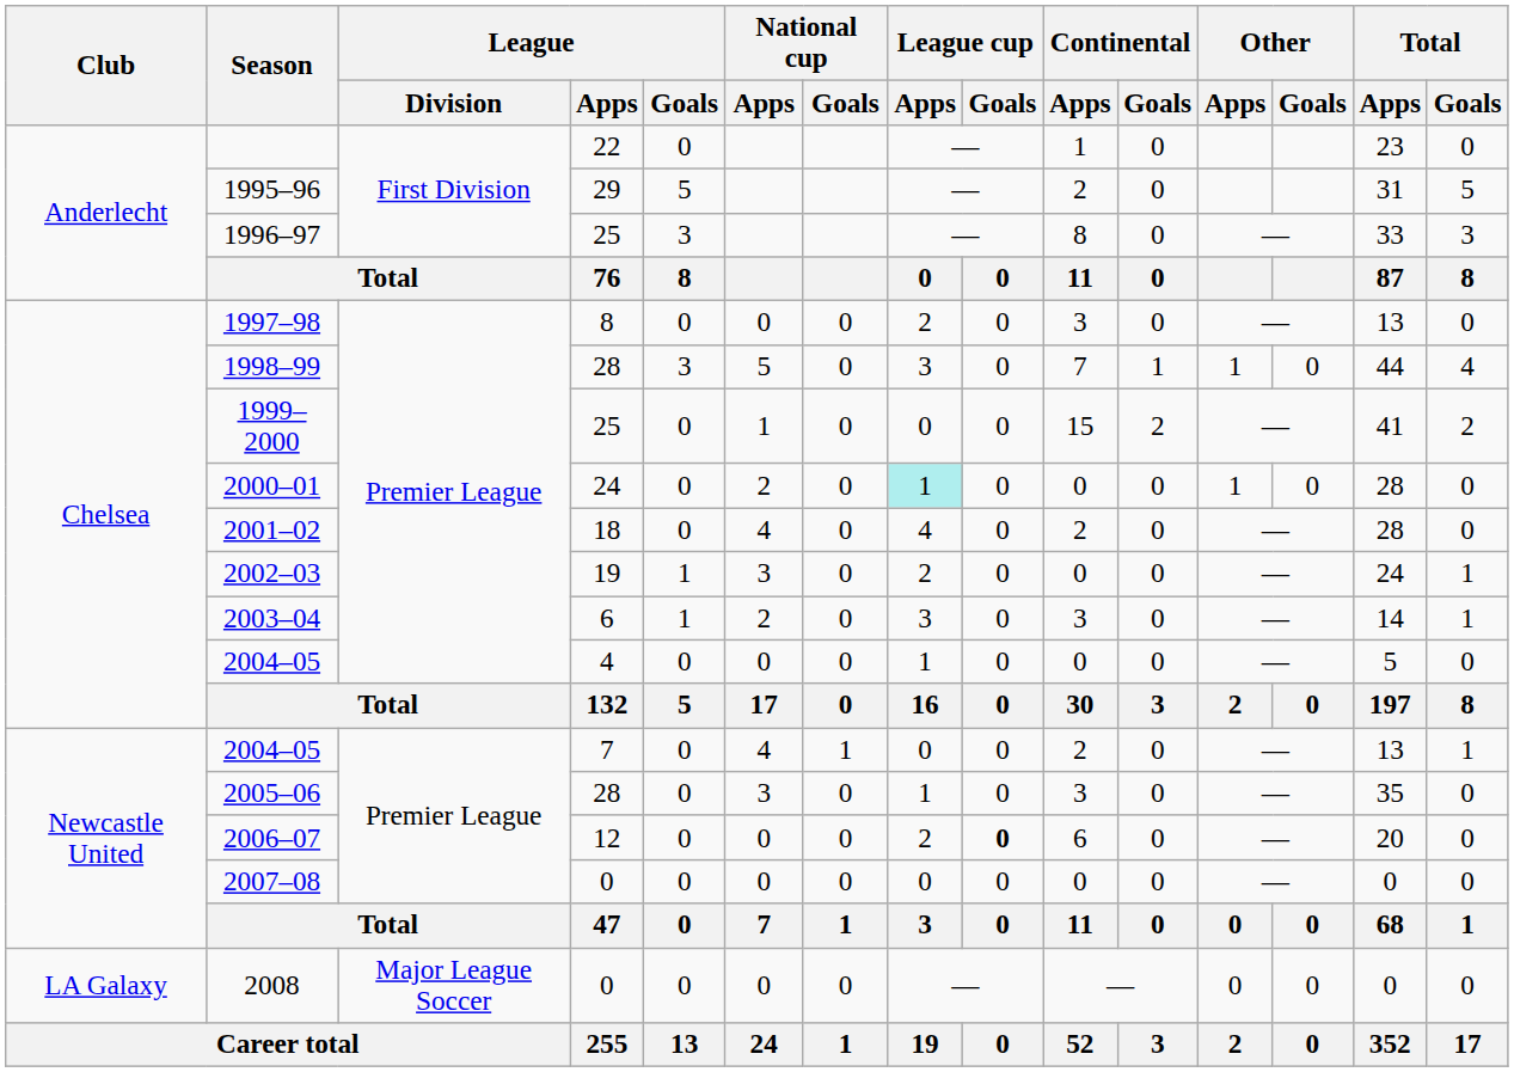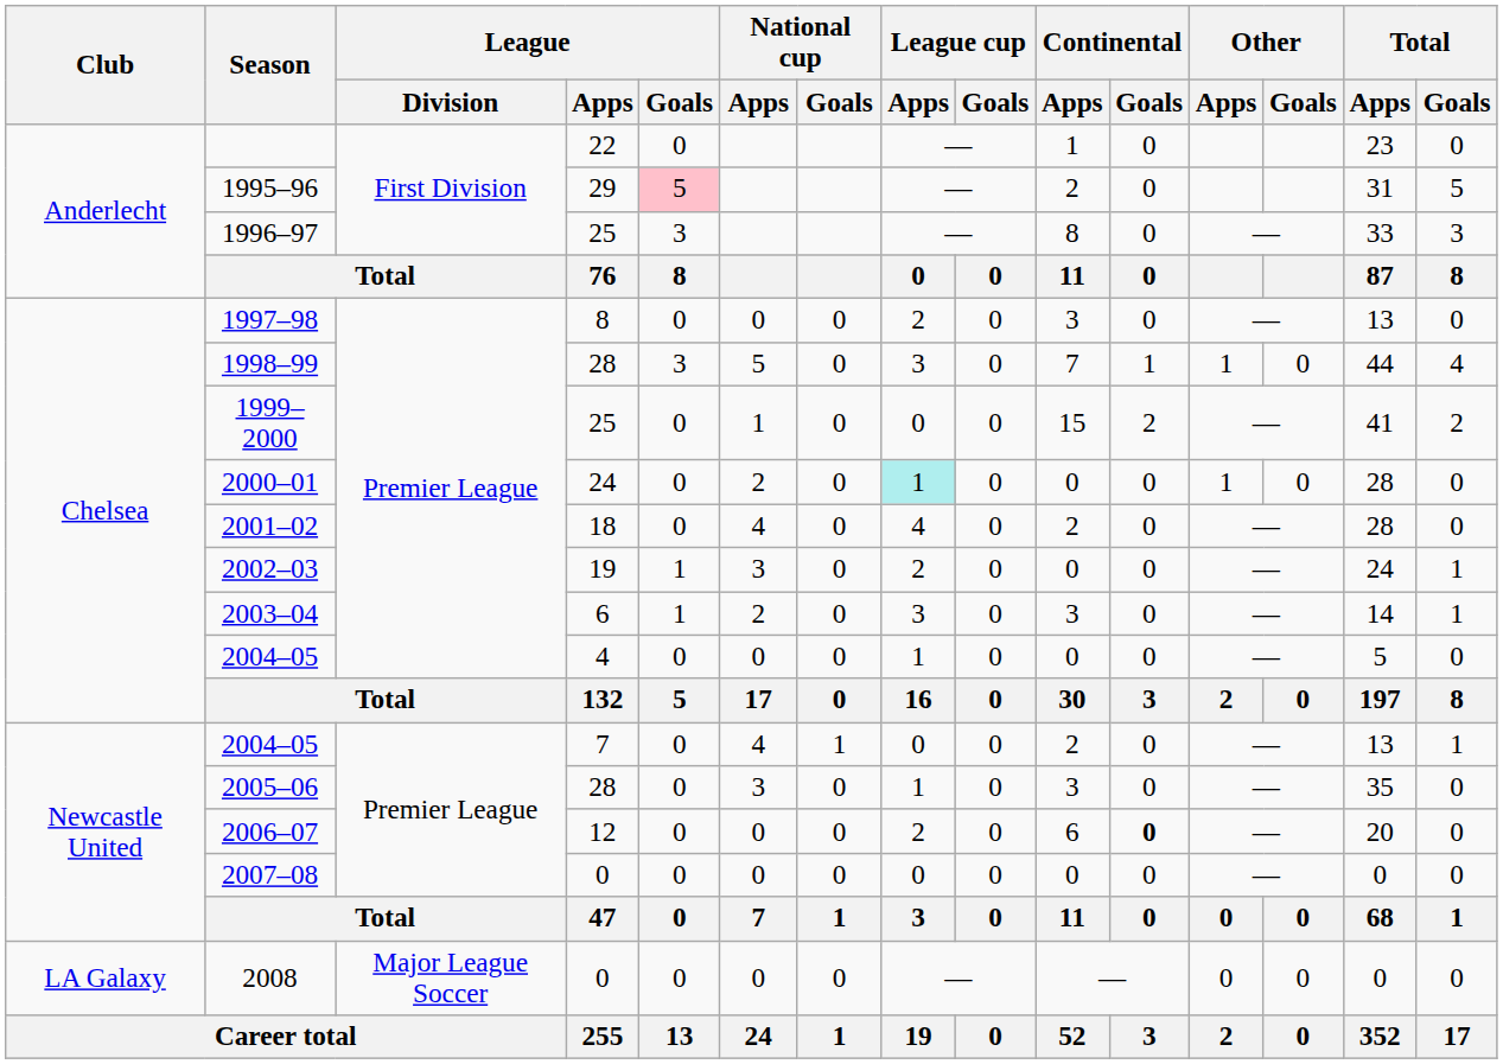 <table class="wikitable" style="text-align:center">
 <tr>
 <th rowspan="2">Club</th>
 <th rowspan="2">Season</th>
 <th colspan="3">League</th>
 <th colspan="2">National cup</th>
 <th colspan="2">League cup</th>
 <th colspan="2">Continental</th>
 <th colspan="2">Other</th>
 <th colspan="2">Total</th>
 </tr>
 <tr>
 <th>Division</th>
 <th>Apps</th>
 <th>Goals</th>
 <th>Apps</th>
 <th>Goals</th>
 <th>Apps</th>
 <th>Goals</th>
 <th>Apps</th>
 <th>Goals</th>
 <th>Apps</th>
 <th>Goals</th>
 <th>Apps</th>
 <th>Goals</th>
 </tr>
 <tr>
 <td rowspan="4"><a href='#'>Anderlecht</a></td>
 <td></td>
 <td rowspan="3"><a href='#'>First Division</a></td>
 <td>22</td>
 <td>0</td>
 <td></td>
 <td></td>
 <td colspan="2">—</td>
 <td>1</td>
 <td>0</td>
 <td></td>
 <td></td>
 <td>23</td>
 <td>0</td>
 </tr>
 <tr>
 <td>1995–96</td>
 <td>29</td>
-<td>5</td>
+<td style="background: pink;">5</td>
 <td></td>
 <td></td>
 <td colspan="2">—</td>
 <td>2</td>
 <td>0</td>
 <td></td>
 <td></td>
 <td>31</td>
 <td>5</td>
 </tr>
 <tr>
 <td>1996–97</td>
 <td>25</td>
 <td>3</td>
 <td></td>
 <td></td>
 <td colspan="2">—</td>
 <td>8</td>
 <td>0</td>
 <td colspan="2">—</td>
 <td>33</td>
 <td>3</td>
 </tr>
 <tr>
 <th colspan="2">Total</th>
 <th>76</th>
 <th>8</th>
 <th></th>
 <th></th>
 <th>0</th>
 <th>0</th>
 <th>11</th>
 <th>0</th>
 <th></th>
 <th></th>
 <th>87</th>
 <th>8</th>
 </tr>
 <tr>
 <td rowspan="9"><a href='#'>Chelsea</a></td>
 <td><a href='#'>1997–98</a></td>
 <td rowspan="8"><a href='#'>Premier League</a></td>
 <td>8</td>
 <td>0</td>
 <td>0</td>
 <td>0</td>
 <td>2</td>
 <td>0</td>
 <td>3</td>
 <td>0</td>
 <td colspan="2">—</td>
 <td>13</td>
 <td>0</td>
 </tr>
 <tr>
 <td><a href='#'>1998–99</a></td>
 <td>28</td>
 <td>3</td>
 <td>5</td>
 <td>0</td>
 <td>3</td>
 <td>0</td>
 <td>7</td>
 <td>1</td>
 <td>1</td>
 <td>0</td>
 <td>44</td>
 <td>4</td>
 </tr>
 <tr>
 <td><a href='#'>1999–2000</a></td>
 <td>25</td>
 <td>0</td>
 <td>1</td>
 <td>0</td>
 <td>0</td>
 <td>0</td>
 <td>15</td>
 <td>2</td>
 <td colspan="2">—</td>
 <td>41</td>
 <td>2</td>
 </tr>
 <tr>
 <td><a href='#'>2000–01</a></td>
 <td>24</td>
 <td>0</td>
 <td>2</td>
 <td>0</td>
 <td style="background: paleturquoise;">1</td>
 <td>0</td>
 <td>0</td>
 <td>0</td>
 <td>1</td>
 <td>0</td>
 <td>28</td>
 <td>0</td>
 </tr>
 <tr>
 <td><a href='#'>2001–02</a></td>
 <td>18</td>
 <td>0</td>
 <td>4</td>
 <td>0</td>
 <td>4</td>
 <td>0</td>
 <td>2</td>
 <td>0</td>
 <td colspan="2">—</td>
 <td>28</td>
 <td>0</td>
 </tr>
 <tr>
 <td><a href='#'>2002–03</a></td>
 <td>19</td>
 <td>1</td>
 <td>3</td>
 <td>0</td>
 <td>2</td>
 <td>0</td>
 <td>0</td>
 <td>0</td>
 <td colspan="2">—</td>
 <td>24</td>
 <td>1</td>
 </tr>
 <tr>
 <td><a href='#'>2003–04</a></td>
 <td>6</td>
 <td>1</td>
 <td>2</td>
 <td>0</td>
 <td>3</td>
 <td>0</td>
 <td>3</td>
 <td>0</td>
 <td colspan="2">—</td>
 <td>14</td>
 <td>1</td>
 </tr>
 <tr>
 <td><a href='#'>2004–05</a></td>
 <td>4</td>
 <td>0</td>
 <td>0</td>
 <td>0</td>
 <td>1</td>
 <td>0</td>
 <td>0</td>
 <td>0</td>
 <td colspan="2">—</td>
 <td>5</td>
 <td>0</td>
 </tr>
 <tr>
 <th colspan="2">Total</th>
 <th>132</th>
 <th>5</th>
 <th>17</th>
 <th>0</th>
 <th>16</th>
 <th>0</th>
 <th>30</th>
 <th>3</th>
 <th>2</th>
 <th>0</th>
 <th>197</th>
 <th>8</th>
 </tr>
 <tr>
 <td rowspan="5"><a href='#'>Newcastle United</a></td>
 <td><a href='#'>2004–05</a></td>
 <td rowspan="4">Premier League</td>
 <td>7</td>
 <td>0</td>
 <td>4</td>
 <td>1</td>
 <td>0</td>
 <td>0</td>
 <td>2</td>
 <td>0</td>
 <td colspan="2">—</td>
 <td>13</td>
 <td>1</td>
 </tr>
 <tr>
 <td><a href='#'>2005–06</a></td>
 <td>28</td>
 <td>0</td>
 <td>3</td>
 <td>0</td>
 <td>1</td>
 <td>0</td>
 <td>3</td>
 <td>0</td>
 <td colspan="2">—</td>
 <td>35</td>
 <td>0</td>
 </tr>
 <tr>
 <td><a href='#'>2006–07</a></td>
 <td>12</td>
 <td>0</td>
 <td>0</td>
 <td>0</td>
 <td>2</td>
+<td>0</td>
+<td>6</td>
 <td><strong>0</strong></td>
-<td>6</td>
-<td>0</td>
 <td colspan="2">—</td>
 <td>20</td>
 <td>0</td>
 </tr>
 <tr>
 <td><a href='#'>2007–08</a></td>
 <td>0</td>
 <td>0</td>
 <td>0</td>
 <td>0</td>
 <td>0</td>
 <td>0</td>
 <td>0</td>
 <td>0</td>
 <td colspan="2">—</td>
 <td>0</td>
 <td>0</td>
 </tr>
 <tr>
 <th colspan="2">Total</th>
 <th>47</th>
 <th>0</th>
 <th>7</th>
 <th>1</th>
 <th>3</th>
 <th>0</th>
 <th>11</th>
 <th>0</th>
 <th>0</th>
 <th>0</th>
 <th>68</th>
 <th>1</th>
 </tr>
 <tr>
 <td><a href='#'>LA Galaxy</a></td>
 <td>2008</td>
 <td><a href='#'>Major League Soccer</a></td>
 <td>0</td>
 <td>0</td>
 <td>0</td>
 <td>0</td>
 <td colspan="2">—</td>
 <td colspan="2">—</td>
 <td>0</td>
 <td>0</td>
 <td>0</td>
 <td>0</td>
 </tr>
 <tr>
 <th colspan="3">Career total</th>
 <th>255</th>
 <th>13</th>
 <th>24</th>
 <th>1</th>
 <th>19</th>
 <th>0</th>
 <th>52</th>
 <th>3</th>
 <th>2</th>
 <th>0</th>
 <th>352</th>
 <th>17</th>
 </tr>
 </table>
